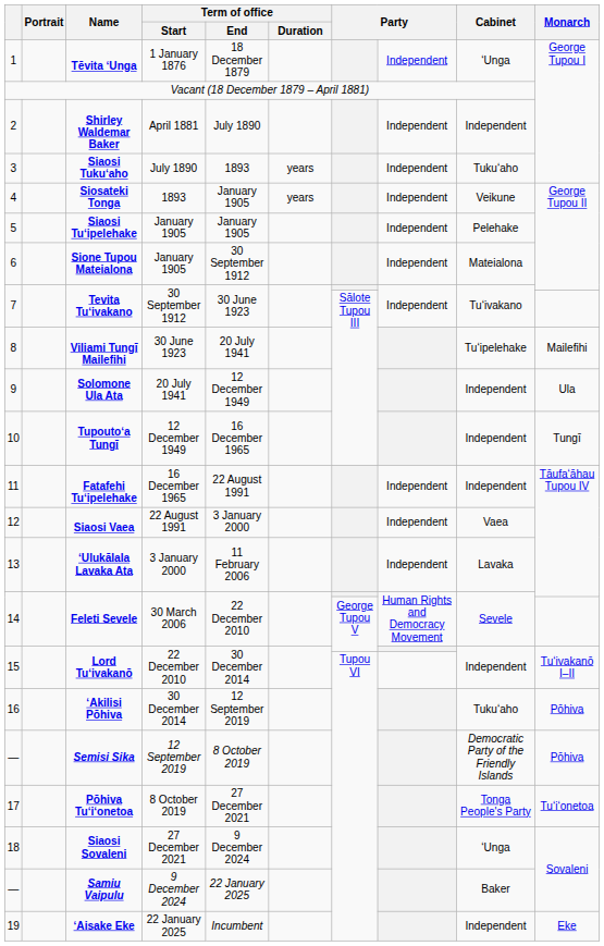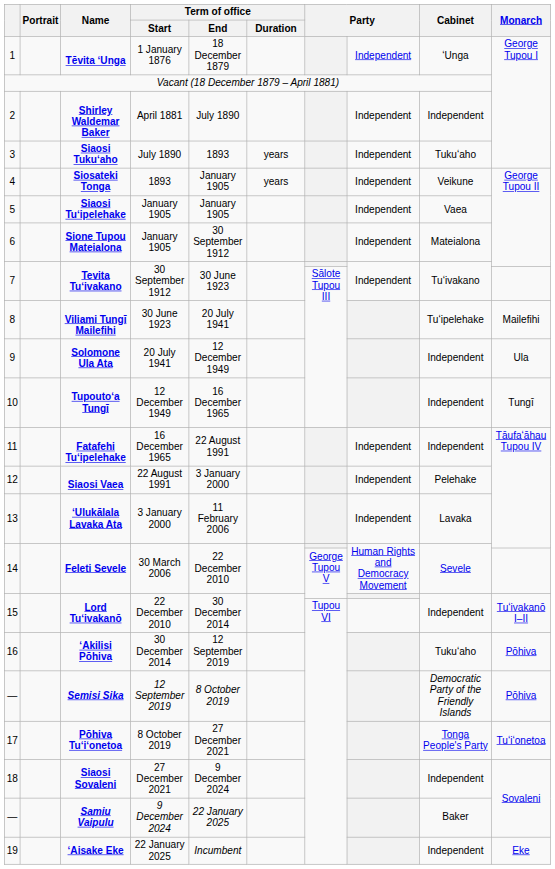 <table class="wikitable" style="text-align:center;">
 <tr>
 <th rowspan="2"></th>
 <th rowspan="2">Portrait</th>
 <th rowspan="2">Name<br></th>
 <th colspan="3">Term of office</th>
 <th colspan="2" rowspan="2">Party</th>
 <th rowspan="2">Cabinet</th>
 <th rowspan="2"><a href='#'>Monarch</a><br></th>
 </tr>
 <tr>
 <th width="85">Start</th>
 <th width="85">End</th>
 <th width="85">Duration</th>
 </tr>
 <tr>
 <td>1</td>
 <td></td>
 <td><br><strong><a href='#'>Tēvita ʻUnga</a></strong><br></td>
 <td class="nowrap">1 January 1876</td>
 <td class="nowrap">18 December 1879</td>
 <td></td>
 <th style="background:"></th>
 <td><a href='#'>Independent</a></td>
 <td>ʻUnga</td>
 <td rowspan="4" style="vertical-align: top;"><a href='#'>George Tupou I</a></td>
 </tr>
 <tr>
 <td colspan="9"><em>Vacant (18 December 1879 – April 1881)</em></td>
 </tr>
 <tr>
 <td>2</td>
 <td></td>
 <td><br><strong><a href='#'>Shirley Waldemar Baker</a></strong><br></td>
 <td class="nowrap">April 1881</td>
 <td class="nowrap">July 1890</td>
 <td></td>
 <th style="background:"></th>
 <td>Independent</td>
 <td>Independent</td>
 </tr>
 <tr>
 <td>3</td>
 <td></td>
 <td><strong><a href='#'>Siaosi Tukuʻaho</a></strong><br></td>
 <td class="nowrap">July 1890</td>
 <td class="nowrap">1893</td>
 <td> years</td>
 <th style="background:"></th>
 <td>Independent</td>
 <td>Tukuʻaho</td>
 </tr>
 <tr>
 <td>4</td>
 <td></td>
 <td><strong><a href='#'>Siosateki Tonga</a></strong><br></td>
 <td class="nowrap">1893</td>
 <td class="nowrap">January 1905</td>
 <td> years</td>
 <th style="background:"></th>
 <td>Independent</td>
 <td>Veikune</td>
 <td rowspan="4" style="vertical-align: top;"><a href='#'>George Tupou II</a></td>
 </tr>
 <tr>
 <td>5</td>
 <td></td>
 <td><strong><a href='#'>Siaosi Tuʻipelehake</a></strong><br></td>
 <td class="nowrap">January 1905</td>
 <td class="nowrap">January 1905</td>
 <td></td>
 <th style="background:"></th>
 <td>Independent</td>
-<td>Pelehake</td>
+<td>Vaea</td>
 </tr>
 <tr>
 <td>6</td>
 <td></td>
 <td><strong><a href='#'>Sione Tupou Mateialona</a></strong><br></td>
 <td class="nowrap">January 1905</td>
 <td class="nowrap">30 September 1912</td>
 <td></td>
 <th style="background:"></th>
 <td>Independent</td>
 <td>Mateialona</td>
 </tr>
 <tr>
 <td rowspan="2">7</td>
 <td rowspan="2"></td>
 <td rowspan="2"><strong><a href='#'>Tevita Tuʻivakano</a></strong><br></td>
 <td rowspan="2" class="nowrap">30 September 1912</td>
 <td rowspan="2" class="nowrap">30 June 1923</td>
 <td rowspan="2"></td>
 <th style="background:"></th>
 <td rowspan="2">Independent</td>
 <td rowspan="2">Tuʻivakano</td>
 </tr>
 <tr>
 <td rowspan="4" style="vertical-align: top;"><a href='#'>Sālote Tupou III</a></td>
 </tr>
 <tr>
 <td>8</td>
 <td></td>
 <td><br><strong><a href='#'>Viliami Tungī Mailefihi</a></strong> <br></td>
 <td class="nowrap">30 June 1923</td>
 <td class="nowrap">20 July 1941</td>
 <td></td>
 <th style="background:"></th>
 <td>Tuʻipelehake</td>
 <td>Mailefihi</td>
 </tr>
 <tr>
 <td>9</td>
 <td></td>
 <td><strong><a href='#'>Solomone Ula Ata</a></strong> <br></td>
 <td class="nowrap">20 July 1941</td>
 <td class="nowrap">12 December 1949</td>
 <td></td>
 <th style="background:"></th>
 <td>Independent</td>
 <td>Ula</td>
 </tr>
 <tr>
 <td>10</td>
 <td></td>
 <td><br><strong><a href='#'>Tupoutoʻa Tungī</a></strong> <br><br></td>
 <td class="nowrap">12 December 1949</td>
 <td class="nowrap">16 December 1965</td>
 <td></td>
 <th style="background:"></th>
 <td>Independent</td>
 <td>Tungī</td>
 </tr>
 <tr>
 <td>11</td>
 <td></td>
 <td><br><strong><a href='#'>Fatafehi Tuʻipelehake</a></strong> <br></td>
 <td class="nowrap">16 December 1965</td>
 <td class="nowrap">22 August 1991</td>
 <td></td>
 <th style="background:"></th>
 <td>Independent</td>
 <td>Independent</td>
 <td rowspan="4" style="vertical-align: top;"><a href='#'>Tāufaʻāhau Tupou IV</a></td>
 </tr>
 <tr>
 <td>12</td>
 <td></td>
 <td><br><strong><a href='#'>Siaosi Vaea</a></strong><br></td>
 <td class="nowrap">22 August 1991</td>
 <td class="nowrap">3 January 2000</td>
 <td></td>
 <th style="background:"></th>
 <td>Independent</td>
-<td>Vaea</td>
+<td>Pelehake</td>
 </tr>
 <tr>
 <td>13</td>
 <td></td>
 <td><br><strong><a href='#'>ʻUlukālala Lavaka Ata</a></strong><br><br></td>
 <td class="nowrap">3 January 2000</td>
 <td class="nowrap">11 February 2006</td>
 <td></td>
 <th style="background:"></th>
 <td>Independent</td>
 <td>Lavaka</td>
 </tr>
 <tr>
 <td rowspan="2">14</td>
 <td rowspan="2"></td>
 <td rowspan="2"><strong><a href='#'>Feleti Sevele</a></strong><br></td>
 <td rowspan="2" class="nowrap">30 March 2006</td>
 <td rowspan="2" class="nowrap">22 December 2010</td>
 <td rowspan="2"></td>
 <th style="background:"></th>
 <td rowspan="2"><a href='#'>Human Rights and Democracy Movement</a></td>
 <td rowspan="2"><a href='#'>Sevele</a></td>
 </tr>
 <tr>
 <td rowspan="2" style="vertical-align: top;"><a href='#'>George Tupou V</a></td>
 </tr>
 <tr>
 <td rowspan="2">15</td>
 <td rowspan="2"></td>
 <td rowspan="2"><strong><a href='#'>Lord Tuʻivakanō</a></strong><br></td>
 <td rowspan="2" class="nowrap">22 December 2010</td>
 <td rowspan="2" class="nowrap">30 December 2014</td>
 <td rowspan="2"></td>
 <th style="background:"></th>
 <td rowspan="2">Independent</td>
 <td rowspan="2"><a href='#'>Tuʻivakanō I–II</a></td>
 </tr>
 <tr>
 <td rowspan="7" style="vertical-align: top;"><a href='#'>Tupou VI</a></td>
 </tr>
 <tr>
 <td>16</td>
 <td></td>
 <td><strong><a href='#'>ʻAkilisi Pōhiva</a></strong><br></td>
 <td class="nowrap">30 December 2014</td>
 <td class="nowrap">12 September 2019</td>
 <td></td>
 <th style="background:"></th>
 <td>Tukuʻaho</td>
 <td><a href='#'>Pōhiva</a></td>
 </tr>
 <tr>
 <td><em>—</em></td>
 <td></td>
 <td><strong><em><a href='#'>Semisi Sika</a></em></strong><br><em></em></td>
 <td class="nowrap"><em>12 September 2019</em></td>
 <td class="nowrap"><em>8 October 2019</em></td>
 <td><em></em></td>
 <th style="background:"></th>
 <td><em>Democratic Party of the Friendly Islands</em></td>
 <td><a href='#'>Pōhiva</a></td>
 </tr>
 <tr>
 <td>17</td>
 <td></td>
 <td><strong><a href='#'>Pōhiva Tuʻiʻonetoa</a></strong><br></td>
 <td class="nowrap">8 October 2019</td>
 <td class="nowrap">27 December 2021</td>
 <td></td>
 <th style="background:"></th>
 <td><a href='#'>Tonga People's Party</a></td>
 <td><a href='#'>Tuʻiʻonetoa</a></td>
 </tr>
 <tr>
 <td>18</td>
 <td></td>
 <td><strong><a href='#'>Siaosi Sovaleni</a></strong><br></td>
 <td class="nowrap">27 December 2021</td>
 <td class="nowrap">9 December 2024</td>
 <td></td>
 <th style="background:"></th>
-<td>ʻUnga</td>
+<td>Independent</td>
 <td rowspan="2"><a href='#'>Sovaleni</a></td>
 </tr>
 <tr>
 <td><em>—</em></td>
 <td></td>
 <td><strong><em><a href='#'>Samiu Vaipulu</a></em></strong><br><em></em></td>
 <td class="nowrap"><em>9 December 2024</em></td>
 <td class="nowrap"><em>22 January 2025</em></td>
 <td><em></em></td>
 <th style="background:"></th>
 <td>Baker</td>
 </tr>
 <tr>
 <td>19</td>
 <td></td>
 <td><strong><a href='#'>ʻAisake Eke</a></strong><br></td>
 <td class="nowrap">22 January 2025</td>
 <td class="nowrap"><em>Incumbent</em></td>
 <td></td>
 <th style="background:"></th>
 <td>Independent</td>
 <td><a href='#'>Eke</a></td>
 </tr>
 </table>
